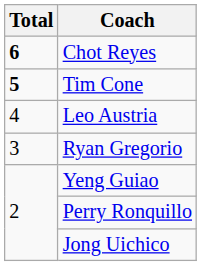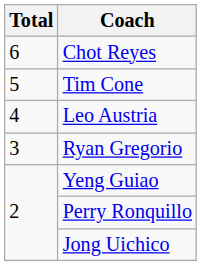 <table class="wikitable">
 <tr>
 <th>Total</th>
 <th>Coach</th>
 </tr>
 <tr>
-<td><strong>6</strong></td>
+<td>6</td>
 <td><a href='#'>Chot Reyes</a></td>
 </tr>
 <tr>
-<td><strong>5</strong></td>
+<td>5</td>
 <td><a href='#'>Tim Cone</a></td>
 </tr>
 <tr>
 <td>4</td>
 <td><a href='#'>Leo Austria</a></td>
 </tr>
 <tr>
 <td>3</td>
 <td><a href='#'>Ryan Gregorio</a></td>
 </tr>
 <tr>
 <td rowspan=3>2</td>
 <td><a href='#'>Yeng Guiao</a></td>
 </tr>
 <tr>
 <td><a href='#'>Perry Ronquillo</a></td>
 </tr>
 <tr>
 <td><a href='#'>Jong Uichico</a></td>
 </tr>
 </table>
